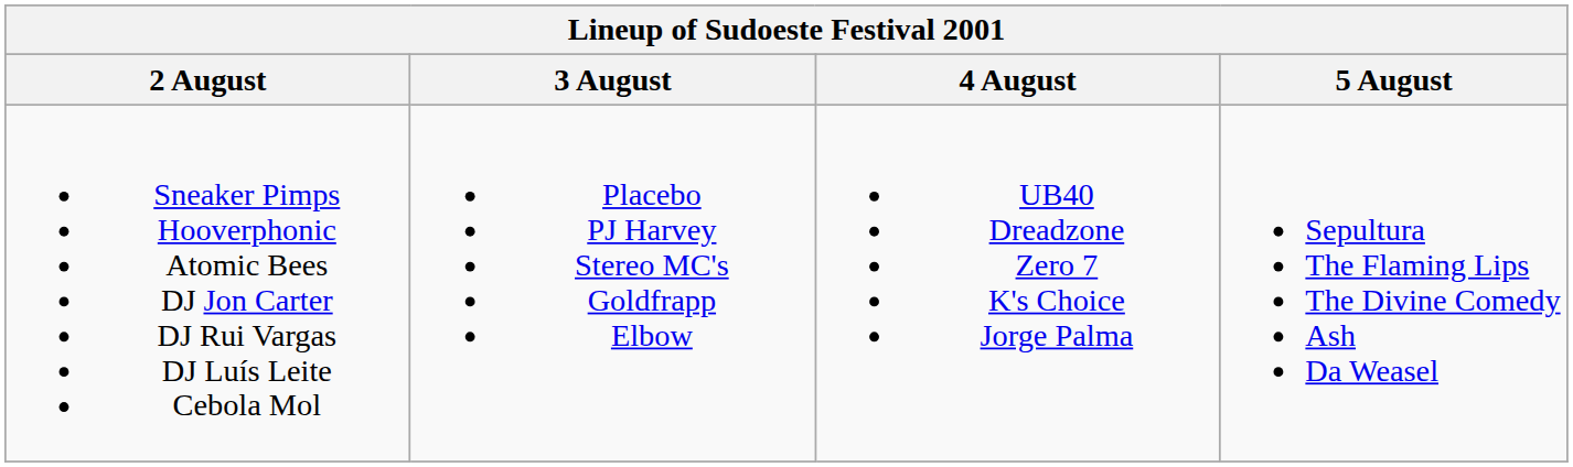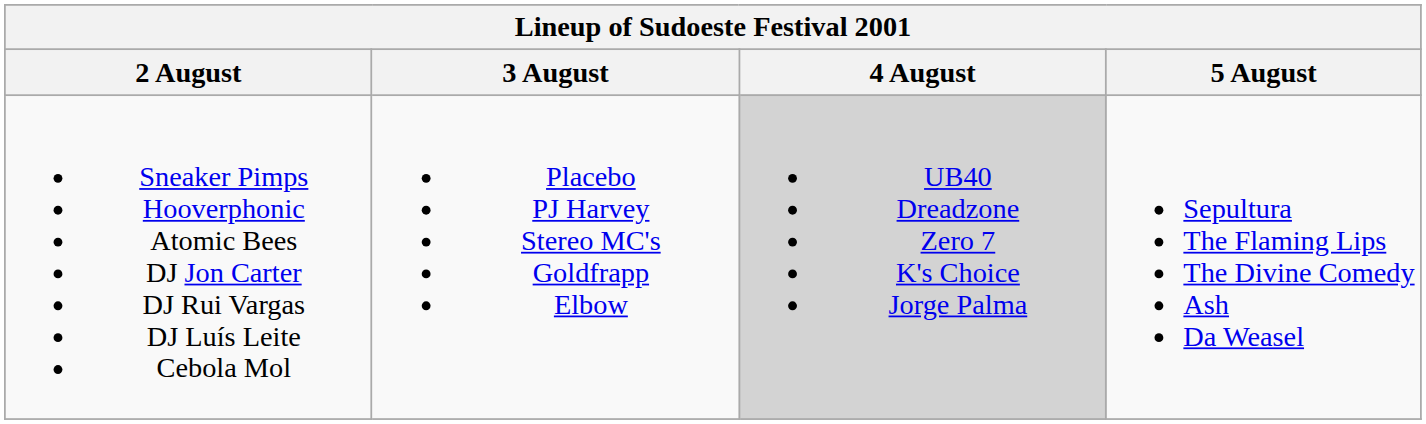 <table class="wikitable mw-collapsible">
 <tr>
 <th colspan="4">Lineup of Sudoeste Festival 2001</th>
 </tr>
 <tr>
 <th>2 August</th>
 <th>3 August</th>
 <th>4 August</th>
 <th>5 August</th>
 </tr>
 <tr>
 <td width="200" align="center" valign="top"><br><ul><li><a href='#'>Sneaker Pimps</a></li><li><a href='#'>Hooverphonic</a></li><li>Atomic Bees</li><li>DJ <a href='#'>Jon Carter</a></li><li>DJ Rui Vargas</li><li>DJ Luís Leite</li><li>Cebola Mol</li></ul></td>
 <td width="200" align="center" valign="top"><br><ul><li><a href='#'>Placebo</a></li><li><a href='#'>PJ Harvey</a></li><li><a href='#'>Stereo MC's</a></li><li><a href='#'>Goldfrapp</a></li><li><a href='#'>Elbow</a></li></ul></td>
-<td width="200" align="center" valign="top"><br><ul><li><a href='#'>UB40</a></li><li><a href='#'>Dreadzone</a></li><li><a href='#'>Zero 7</a></li><li><a href='#'>K's Choice</a></li><li><a href='#'>Jorge Palma</a></li></ul></td>
+<td width="200" align="center" valign="top" style="background: lightgrey;"><br><ul><li><a href='#'>UB40</a></li><li><a href='#'>Dreadzone</a></li><li><a href='#'>Zero 7</a></li><li><a href='#'>K's Choice</a></li><li><a href='#'>Jorge Palma</a></li></ul></td>
 <td><br><ul><li><a href='#'>Sepultura</a></li><li><a href='#'>The Flaming Lips</a></li><li><a href='#'>The Divine Comedy</a></li><li><a href='#'>Ash</a></li><li><a href='#'>Da Weasel</a></li></ul></td>
 </tr>
 </table>
